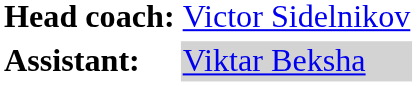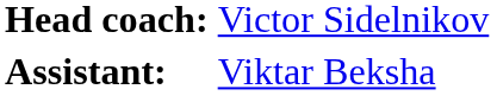 <table>
 <tr>
 <td><strong>Head coach:</strong></td>
 <td><a href='#'>Victor Sidelnikov</a></td>
 </tr>
 <tr>
 <td><strong>Assistant:</strong></td>
-<td style="background: lightgrey;"><a href='#'>Viktar Beksha</a></td>
+<td><a href='#'>Viktar Beksha</a></td>
 </tr>
 </table>
